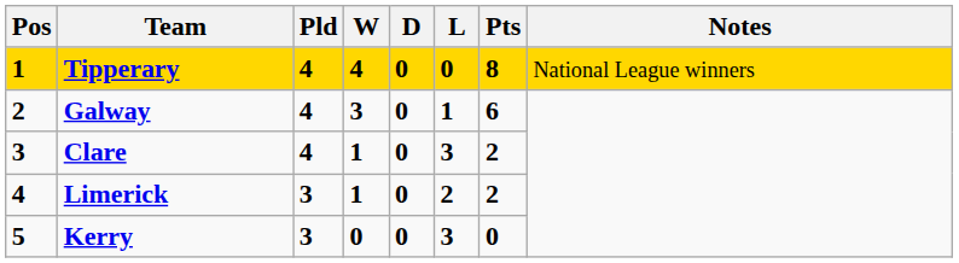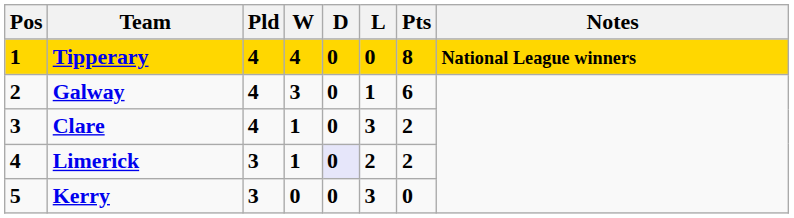 <table class="wikitable" style="text-align: centre;">
 <tr>
 <th width=20>Pos</th>
 <th width=135>Team</th>
 <th width=20>Pld</th>
 <th width=20>W</th>
 <th width=20>D</th>
 <th width=20>L</th>
 <th width=20>Pts</th>
 <th width=250>Notes</th>
 </tr>
 <tr style="background:gold;">
 <td><strong>1</strong></td>
 <td align=left><strong> <a href='#'>Tipperary</a> </strong></td>
 <td><strong>4</strong></td>
 <td><strong>4</strong></td>
 <td><strong>0</strong></td>
 <td><strong>0</strong></td>
 <td><strong>8</strong></td>
-<td><small>National League winners</small></td>
+<td><strong><small>National League winners</small></strong></td>
 </tr>
 <tr>
 <td><strong>2</strong></td>
 <td align=left><strong> <a href='#'>Galway</a> </strong></td>
 <td><strong>4</strong></td>
 <td><strong>3</strong></td>
 <td><strong>0</strong></td>
 <td><strong>1</strong></td>
 <td><strong>6</strong></td>
 </tr>
 <tr>
 <td><strong>3</strong></td>
 <td align=left><strong> <a href='#'>Clare</a> </strong></td>
 <td><strong>4</strong></td>
 <td><strong>1</strong></td>
 <td><strong>0</strong></td>
 <td><strong>3</strong></td>
 <td><strong>2</strong></td>
 </tr>
 <tr>
 <td><strong>4</strong></td>
 <td align=left><strong> <a href='#'>Limerick</a> </strong></td>
 <td><strong>3</strong></td>
 <td><strong>1</strong></td>
-<td><strong>0</strong></td>
+<td style="background: lavender;"><strong>0</strong></td>
 <td><strong>2</strong></td>
 <td><strong>2</strong></td>
 </tr>
 <tr>
 <td><strong>5</strong></td>
 <td align=left><strong> <a href='#'>Kerry</a> </strong></td>
 <td><strong>3</strong></td>
 <td><strong>0</strong></td>
 <td><strong>0</strong></td>
 <td><strong>3</strong></td>
 <td><strong>0</strong></td>
 </tr>
 </table>
